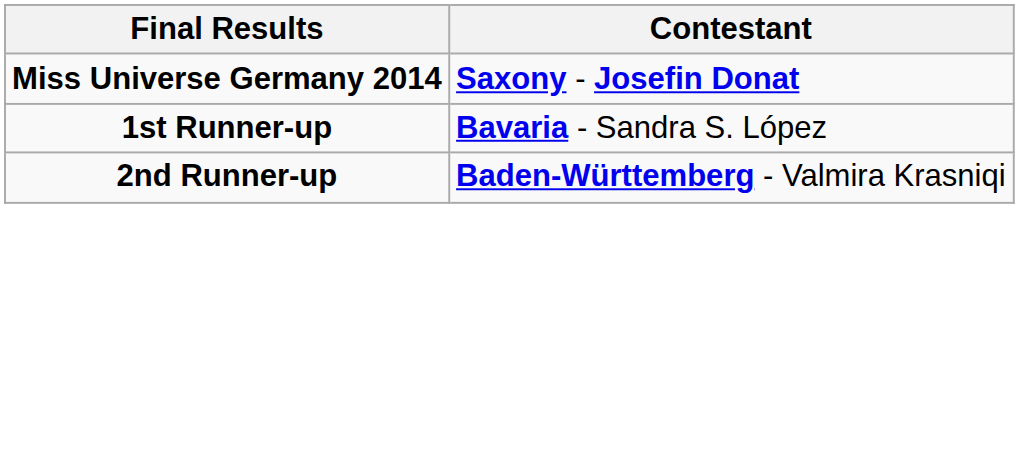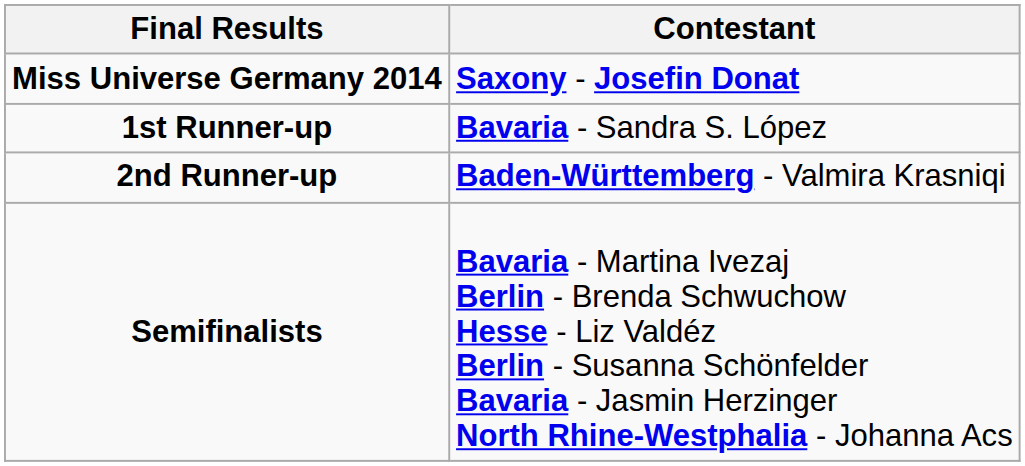 <table class="wikitable" border="1">
 <tr>
 <th>Final Results</th>
 <th>Contestant</th>
 </tr>
 <tr>
 <td style="text-align: center;"><strong>Miss Universe Germany 2014</strong></td>
 <td> <strong><a href='#'>Saxony</a></strong> - <strong><a href='#'>Josefin Donat</a></strong></td>
 </tr>
 <tr>
 <td style="text-align: center;"><strong>1st Runner-up</strong></td>
 <td> <strong><a href='#'>Bavaria</a></strong> - Sandra S. López</td>
 </tr>
 <tr>
 <td style="text-align: center;"><strong>2nd Runner-up</strong></td>
 <td> <strong><a href='#'>Baden-Württemberg</a></strong> - Valmira Krasniqi</td>
 </tr>
+<tr>
+<td style="text-align: center;"><strong>Semifinalists</strong></td>
+<td><br> <strong><a href='#'>Bavaria</a></strong> - Martina Ivezaj<br>  <strong><a href='#'>Berlin</a></strong> - Brenda Schwuchow<br>  <strong><a href='#'>Hesse</a></strong> - Liz Valdéz<br>  <strong><a href='#'>Berlin</a></strong> - Susanna Schönfelder<br>  <strong><a href='#'>Bavaria</a></strong> - Jasmin Herzinger<br>  <strong><a href='#'>North Rhine-Westphalia</a></strong> - Johanna Acs<br></td>
+</tr>
 </table>
